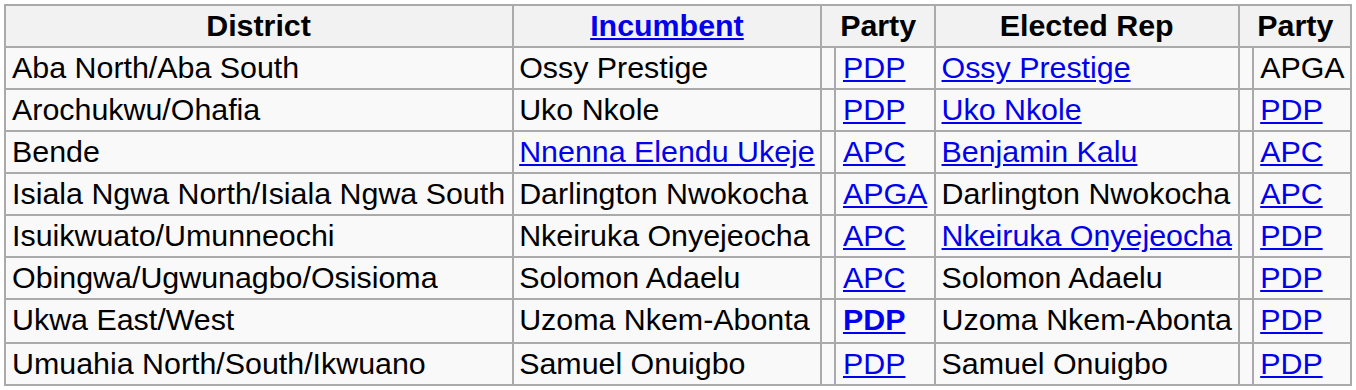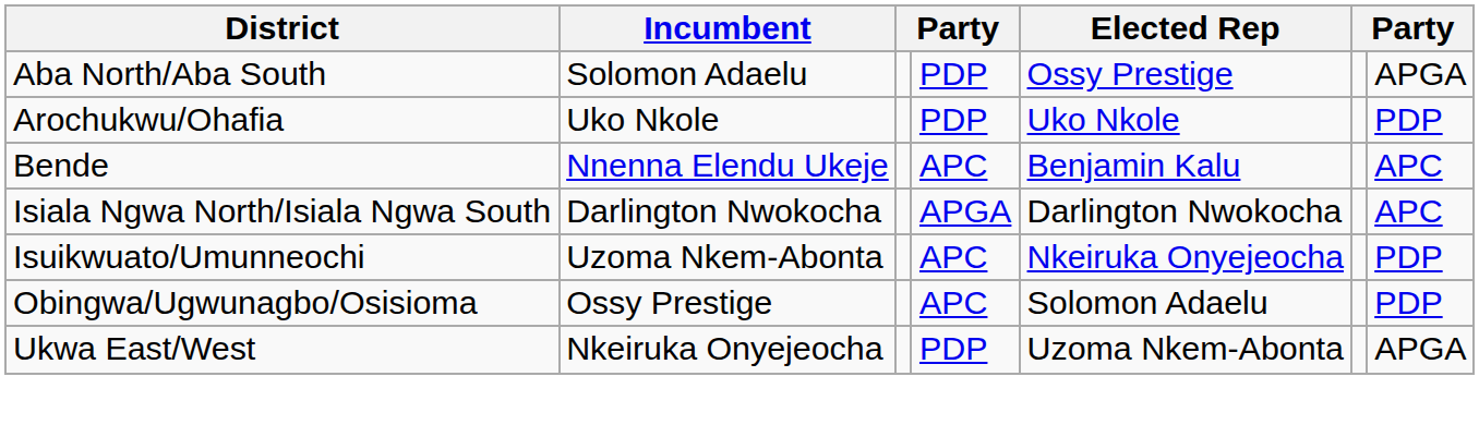 <table class="sortable wikitable" style="font-size:95%;line-height:14px;">
 <tr>
 <th class="unsortable">District</th>
 <th class="unsortable"><a href='#'>Incumbent</a></th>
 <th colspan="2">Party</th>
 <th class="unsortable">Elected Rep</th>
 <th colspan="2">Party</th>
 </tr>
 <tr>
 <td>Aba North/Aba South</td>
-<td>Ossy Prestige</td>
+<td>Solomon Adaelu</td>
 <td style="background:"></td>
 <td><a href='#'>PDP</a></td>
 <td><a href='#'>Ossy Prestige</a></td>
 <td style="background:"></td>
 <td>APGA</td>
 </tr>
 <tr>
 <td>Arochukwu/Ohafia</td>
 <td>Uko Nkole</td>
 <td style="background:"></td>
 <td><a href='#'>PDP</a></td>
 <td><a href='#'>Uko Nkole</a></td>
 <td style="background:"></td>
 <td><a href='#'>PDP</a></td>
 </tr>
 <tr>
 <td>Bende</td>
 <td><a href='#'>Nnenna Elendu Ukeje</a></td>
 <td style="background:"></td>
 <td><a href='#'>APC</a></td>
 <td><a href='#'>Benjamin Kalu</a></td>
 <td style="background:"></td>
 <td><a href='#'>APC</a></td>
 </tr>
 <tr>
 <td>Isiala Ngwa North/Isiala Ngwa South</td>
 <td>Darlington Nwokocha</td>
 <td style="background:"></td>
 <td><a href='#'>APGA</a></td>
 <td>Darlington Nwokocha</td>
 <td style="background:"></td>
 <td><a href='#'>APC</a></td>
 </tr>
 <tr>
 <td>Isuikwuato/Umunneochi</td>
-<td>Nkeiruka Onyejeocha</td>
+<td>Uzoma Nkem-Abonta</td>
 <td style="background:"></td>
 <td><a href='#'>APC</a></td>
 <td><a href='#'>Nkeiruka Onyejeocha</a></td>
 <td style="background:"></td>
 <td><a href='#'>PDP</a></td>
 </tr>
 <tr>
 <td>Obingwa/Ugwunagbo/Osisioma</td>
-<td>Solomon Adaelu</td>
+<td>Ossy Prestige</td>
 <td style="background:"></td>
 <td><a href='#'>APC</a></td>
 <td>Solomon Adaelu</td>
 <td style="background:"></td>
 <td><a href='#'>PDP</a></td>
 </tr>
 <tr>
 <td>Ukwa East/West</td>
+<td>Nkeiruka Onyejeocha</td>
+<td style="background:"></td>
+<td><a href='#'>PDP</a></td>
 <td>Uzoma Nkem-Abonta</td>
 <td style="background:"></td>
-<td><strong><a href='#'>PDP</a></strong></td>
-<td>Uzoma Nkem-Abonta</td>
-<td style="background:"></td>
-<td><a href='#'>PDP</a></td>
-</tr>
-<tr>
-<td>Umuahia North/South/Ikwuano</td>
-<td>Samuel Onuigbo</td>
-<td style="background:"></td>
-<td><a href='#'>PDP</a></td>
-<td>Samuel Onuigbo</td>
-<td style="background:"></td>
-<td><a href='#'>PDP</a></td>
+<td>APGA</td>
 </tr>
 </table>
